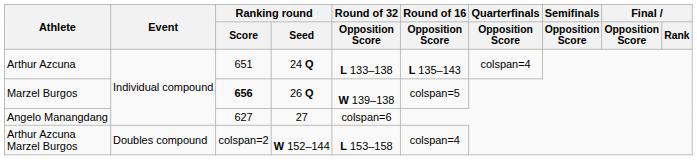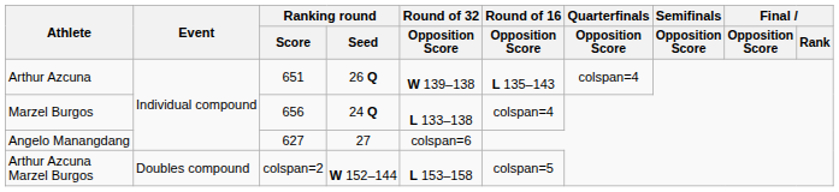 <table class="wikitable" style="font-size:90%">
 <tr>
 <th rowspan=2>Athlete</th>
 <th rowspan=2>Event</th>
 <th colspan=2>Ranking round</th>
 <th>Round of 32</th>
 <th>Round of 16</th>
 <th>Quarterfinals</th>
 <th>Semifinals</th>
 <th colspan=2>Final / </th>
 </tr>
 <tr style="font-size:95%">
 <th>Score</th>
 <th>Seed</th>
 <th>Opposition<br>Score</th>
 <th>Opposition<br>Score</th>
 <th>Opposition<br>Score</th>
 <th>Opposition<br>Score</th>
 <th>Opposition<br>Score</th>
 <th>Rank</th>
 </tr>
 <tr align=center>
 <td align=left>Arthur Azcuna</td>
 <td align=left rowspan=3>Individual compound</td>
 <td>651</td>
-<td>24 <strong>Q</strong></td>
-<td><br><strong>L</strong> 133–138</td>
+<td>26 <strong>Q</strong></td>
+<td><br><strong>W</strong> 139–138</td>
 <td><br><strong>L</strong> 135–143</td>
 <td>colspan=4 </td>
 </tr>
 <tr align=center>
 <td align=left>Marzel Burgos</td>
-<td><strong>656</strong></td>
-<td>26 <strong>Q</strong></td>
-<td><br><strong>W</strong> 139–138</td>
-<td>colspan=5 </td>
+<td>656</td>
+<td>24 <strong>Q</strong></td>
+<td><br><strong>L</strong> 133–138</td>
+<td>colspan=4 </td>
 </tr>
 <tr align=center>
 <td align=left>Angelo Manangdang</td>
 <td>627</td>
 <td>27</td>
 <td>colspan=6 </td>
 </tr>
 <tr align=center>
 <td align=left>Arthur Azcuna<br>Marzel Burgos</td>
 <td align=left>Doubles compound</td>
 <td>colspan=2 </td>
 <td><br><strong>W</strong> 152–144</td>
 <td><br><strong>L</strong> 153–158</td>
-<td>colspan=4 </td>
+<td>colspan=5 </td>
 </tr>
 </table>
